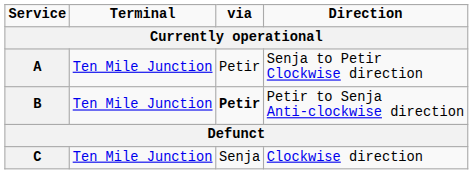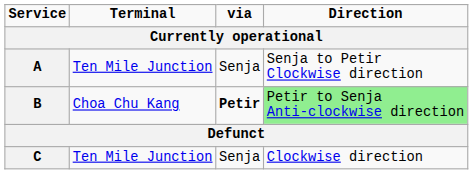 <table class="wikitable" style="margin-left: 1em; margin-bottom: 1em; color: black; border-collapse: collapse; font-size: 95%">
 <tr style="text-align:center; background-color:#">
 <td><strong>Service</strong></td>
 <td><strong>Terminal</strong></td>
 <td><strong>via</strong></td>
 <td><strong>Direction</strong></td>
 </tr>
 <tr>
 <th colspan=4>Currently operational</th>
 </tr>
 <tr>
 <th>A</th>
 <td><a href='#'>Ten Mile Junction</a></td>
-<td>Petir</td>
+<td>Senja</td>
 <td>Senja to Petir<br><a href='#'>Clockwise</a> direction</td>
 </tr>
 <tr>
 <th>B</th>
-<td><a href='#'>Ten Mile Junction</a></td>
+<td><a href='#'>Choa Chu Kang</a></td>
 <td><strong>Petir</strong></td>
-<td>Petir to Senja<br><a href='#'>Anti-clockwise</a> direction</td>
+<td style="background: lightgreen;">Petir to Senja<br><a href='#'>Anti-clockwise</a> direction</td>
 </tr>
 <tr>
 <th colspan=4>Defunct</th>
 </tr>
 <tr>
 <th>C</th>
 <td><a href='#'>Ten Mile Junction</a></td>
 <td>Senja</td>
 <td><a href='#'>Clockwise</a> direction</td>
 </tr>
 </table>
